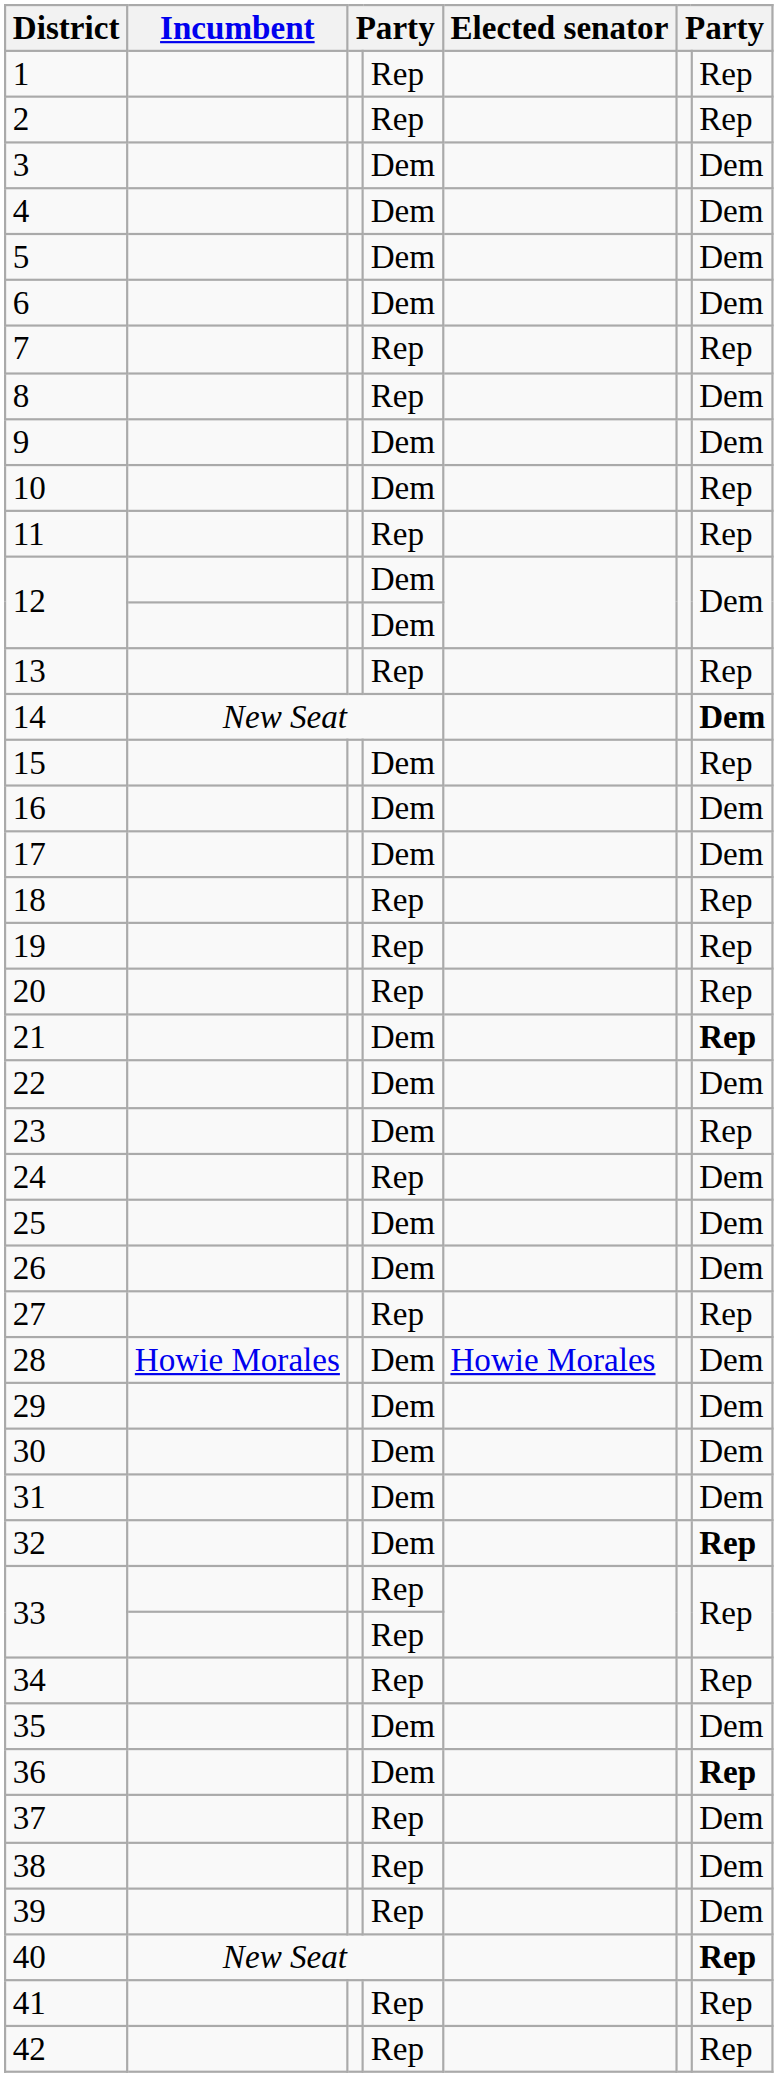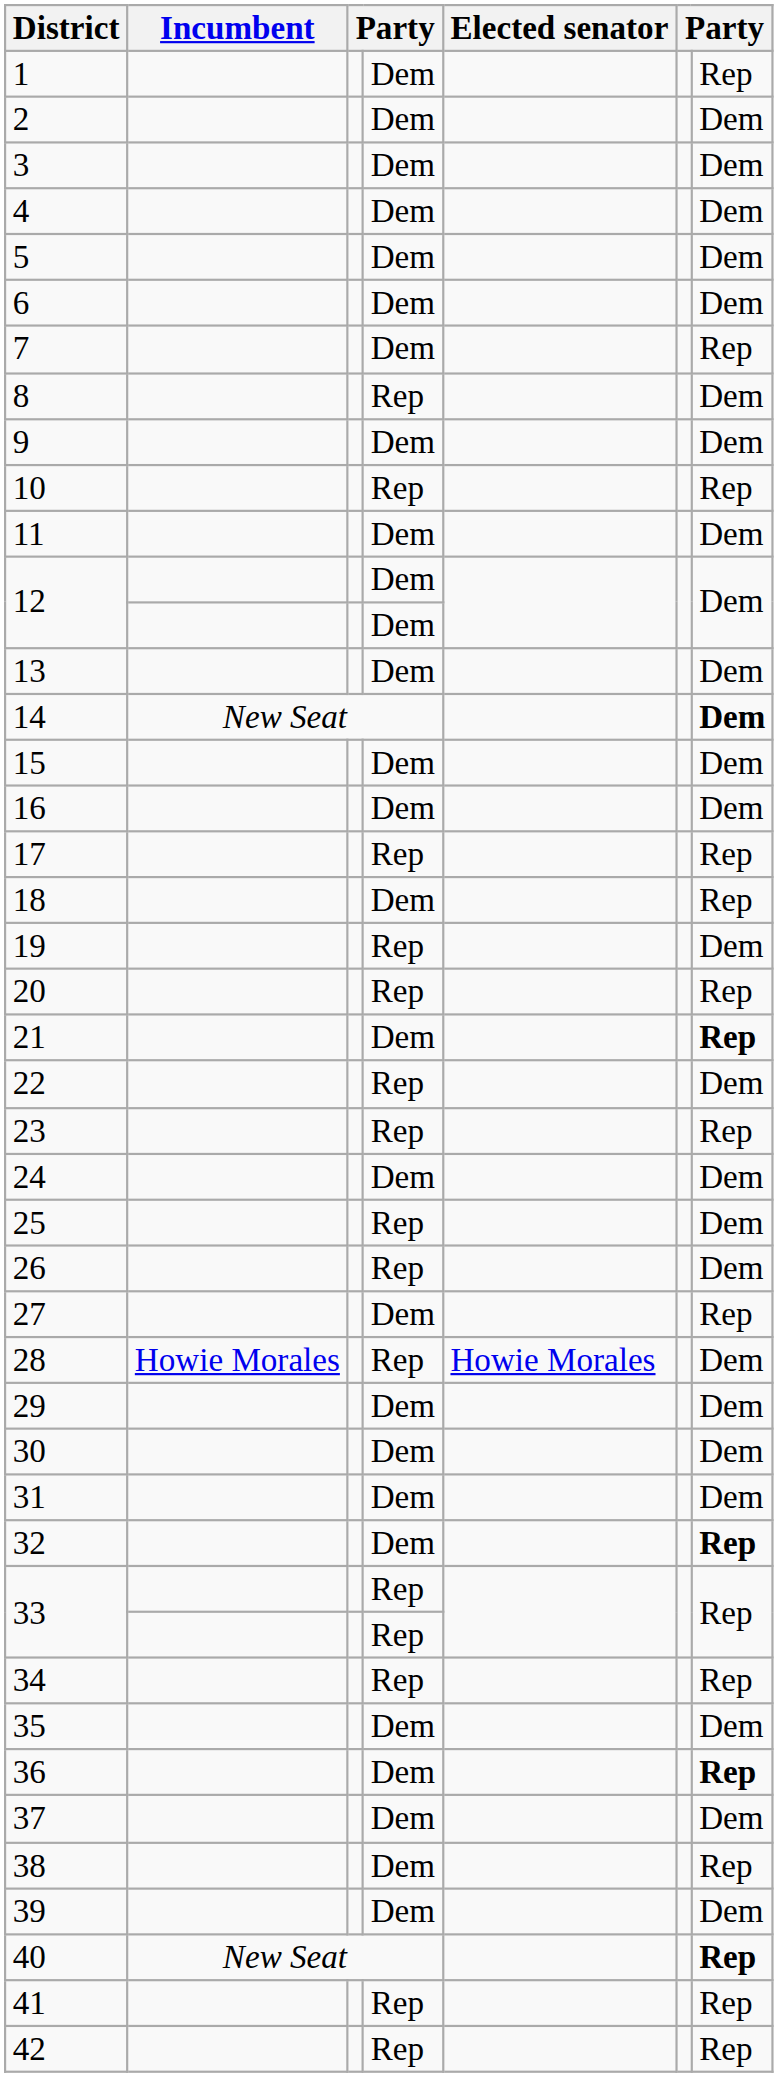 <table class="wikitable sortable" style="font-size:95%;line-height:14px;">
 <tr>
 <th>District</th>
 <th><a href='#'>Incumbent</a></th>
 <th colspan=2>Party</th>
 <th>Elected senator</th>
 <th colspan=2>Party</th>
 </tr>
 <tr>
 <td>1</td>
 <td></td>
 <td style="background:"></td>
-<td>Rep</td>
+<td>Dem</td>
 <td></td>
 <td style="background:"></td>
 <td>Rep</td>
 </tr>
 <tr>
 <td>2</td>
 <td></td>
 <td style="background:"></td>
-<td>Rep</td>
+<td>Dem</td>
 <td></td>
 <td style="background:"></td>
-<td>Rep</td>
+<td>Dem</td>
 </tr>
 <tr>
 <td>3</td>
 <td></td>
 <td style="background:"></td>
 <td>Dem</td>
 <td></td>
 <td style="background:"></td>
 <td>Dem</td>
 </tr>
 <tr>
 <td>4</td>
 <td></td>
 <td style="background:"></td>
 <td>Dem</td>
 <td></td>
 <td style="background:"></td>
 <td>Dem</td>
 </tr>
 <tr>
 <td>5</td>
 <td></td>
 <td style="background:"></td>
 <td>Dem</td>
 <td></td>
 <td style="background:"></td>
 <td>Dem</td>
 </tr>
 <tr>
 <td>6</td>
 <td></td>
 <td style="background:"></td>
 <td>Dem</td>
 <td></td>
 <td style="background:"></td>
 <td>Dem</td>
 </tr>
 <tr>
 <td>7</td>
 <td></td>
 <td style="background:"></td>
-<td>Rep</td>
+<td>Dem</td>
 <td></td>
 <td style="background:"></td>
 <td>Rep</td>
 </tr>
 <tr>
 <td>8</td>
 <td></td>
 <td style="background:"></td>
 <td>Rep</td>
 <td></td>
 <td style="background:"></td>
 <td>Dem</td>
 </tr>
 <tr>
 <td>9</td>
 <td></td>
 <td style="background:"></td>
 <td>Dem</td>
 <td></td>
 <td style="background:"></td>
 <td>Dem</td>
 </tr>
 <tr>
 <td>10</td>
 <td></td>
 <td style="background:"></td>
-<td>Dem</td>
+<td>Rep</td>
 <td></td>
 <td style="background:"></td>
 <td>Rep</td>
 </tr>
 <tr>
 <td>11</td>
 <td></td>
 <td style="background:"></td>
-<td>Rep</td>
+<td>Dem</td>
 <td></td>
 <td style="background:"></td>
-<td>Rep</td>
+<td>Dem</td>
 </tr>
 <tr>
 <td rowspan=2>12</td>
 <td></td>
 <td style="background:"></td>
 <td>Dem</td>
 <td rowspan=2></td>
 <td rowspan=2 style="background:"></td>
 <td rowspan=2>Dem</td>
 </tr>
 <tr>
 <td></td>
 <td style="background:"></td>
 <td>Dem</td>
 </tr>
 <tr>
 <td>13</td>
 <td></td>
 <td style="background:"></td>
-<td>Rep</td>
+<td>Dem</td>
 <td></td>
 <td style="background:"></td>
-<td>Rep</td>
+<td>Dem</td>
 </tr>
 <tr>
 <td>14</td>
 <td colspan=3 align=center><em>New Seat</em></td>
 <td><strong></strong></td>
 <td style="background:"></td>
 <td><strong>Dem</strong></td>
 </tr>
 <tr>
 <td>15</td>
 <td></td>
 <td style="background:"></td>
 <td>Dem</td>
 <td></td>
 <td style="background:"></td>
-<td>Rep</td>
+<td>Dem</td>
 </tr>
 <tr>
 <td>16</td>
 <td></td>
 <td style="background:"></td>
 <td>Dem</td>
 <td></td>
 <td style="background:"></td>
 <td>Dem</td>
 </tr>
 <tr>
 <td>17</td>
 <td></td>
 <td style="background:"></td>
-<td>Dem</td>
+<td>Rep</td>
 <td></td>
 <td style="background:"></td>
-<td>Dem</td>
+<td>Rep</td>
 </tr>
 <tr>
 <td>18</td>
 <td></td>
 <td style="background:"></td>
-<td>Rep</td>
+<td>Dem</td>
 <td></td>
 <td style="background:"></td>
 <td>Rep</td>
 </tr>
 <tr>
 <td>19</td>
 <td></td>
 <td style="background:"></td>
 <td>Rep</td>
 <td></td>
 <td style="background:"></td>
-<td>Rep</td>
+<td>Dem</td>
 </tr>
 <tr>
 <td>20</td>
 <td></td>
 <td style="background:"></td>
 <td>Rep</td>
 <td></td>
 <td style="background:"></td>
 <td>Rep</td>
 </tr>
 <tr>
 <td>21</td>
 <td></td>
 <td style="background:"></td>
 <td>Dem</td>
 <td><strong></strong></td>
 <td style="background:"></td>
 <td><strong>Rep</strong></td>
 </tr>
 <tr>
 <td>22</td>
 <td></td>
 <td style="background:"></td>
-<td>Dem</td>
+<td>Rep</td>
 <td></td>
 <td style="background:"></td>
 <td>Dem</td>
 </tr>
 <tr>
 <td>23</td>
 <td></td>
 <td style="background:"></td>
-<td>Dem</td>
+<td>Rep</td>
 <td></td>
 <td style="background:"></td>
 <td>Rep</td>
 </tr>
 <tr>
 <td>24</td>
 <td></td>
 <td style="background:"></td>
-<td>Rep</td>
+<td>Dem</td>
 <td></td>
 <td style="background:"></td>
 <td>Dem</td>
 </tr>
 <tr>
 <td>25</td>
 <td></td>
 <td style="background:"></td>
-<td>Dem</td>
+<td>Rep</td>
 <td></td>
 <td style="background:"></td>
 <td>Dem</td>
 </tr>
 <tr>
 <td>26</td>
 <td></td>
 <td style="background:"></td>
-<td>Dem</td>
+<td>Rep</td>
 <td></td>
 <td style="background:"></td>
 <td>Dem</td>
 </tr>
 <tr>
 <td>27</td>
 <td></td>
 <td style="background:"></td>
-<td>Rep</td>
+<td>Dem</td>
 <td></td>
 <td style="background:"></td>
 <td>Rep</td>
 </tr>
 <tr>
 <td>28</td>
 <td sortname><a href='#'>Howie Morales</a></td>
 <td style="background:"></td>
-<td>Dem</td>
+<td>Rep</td>
 <td sortname><a href='#'>Howie Morales</a></td>
 <td style="background:"></td>
 <td>Dem</td>
 </tr>
 <tr>
 <td>29</td>
 <td></td>
 <td style="background:"></td>
 <td>Dem</td>
 <td></td>
 <td style="background:"></td>
 <td>Dem</td>
 </tr>
 <tr>
 <td>30</td>
 <td></td>
 <td style="background:"></td>
 <td>Dem</td>
 <td></td>
 <td style="background:"></td>
 <td>Dem</td>
 </tr>
 <tr>
 <td>31</td>
 <td></td>
 <td style="background:"></td>
 <td>Dem</td>
 <td></td>
 <td style="background:"></td>
 <td>Dem</td>
 </tr>
 <tr>
 <td>32</td>
 <td></td>
 <td style="background:"></td>
 <td>Dem</td>
 <td><strong></strong></td>
 <td style="background:"></td>
 <td><strong>Rep</strong></td>
 </tr>
 <tr>
 <td rowspan=2>33</td>
 <td></td>
 <td style="background:"></td>
 <td>Rep</td>
 <td rowspan=2></td>
 <td rowspan=2 style="background:"></td>
 <td rowspan=2>Rep</td>
 </tr>
 <tr>
 <td></td>
 <td style="background:"></td>
 <td>Rep</td>
 </tr>
 <tr>
 <td>34</td>
 <td></td>
 <td style="background:"></td>
 <td>Rep</td>
 <td></td>
 <td style="background:"></td>
 <td>Rep</td>
 </tr>
 <tr>
 <td>35</td>
 <td></td>
 <td style="background:"></td>
 <td>Dem</td>
 <td></td>
 <td style="background:"></td>
 <td>Dem</td>
 </tr>
 <tr>
 <td>36</td>
 <td></td>
 <td style="background:"></td>
 <td>Dem</td>
 <td><strong></strong></td>
 <td style="background:"></td>
 <td><strong>Rep</strong></td>
 </tr>
 <tr>
 <td>37</td>
 <td></td>
 <td style="background:"></td>
-<td>Rep</td>
+<td>Dem</td>
 <td></td>
 <td style="background:"></td>
 <td>Dem</td>
 </tr>
 <tr>
 <td>38</td>
 <td></td>
 <td style="background:"></td>
-<td>Rep</td>
+<td>Dem</td>
 <td></td>
 <td style="background:"></td>
-<td>Dem</td>
+<td>Rep</td>
 </tr>
 <tr>
 <td>39</td>
 <td></td>
 <td style="background:"></td>
-<td>Rep</td>
+<td>Dem</td>
 <td></td>
 <td style="background:"></td>
 <td>Dem</td>
 </tr>
 <tr>
 <td>40</td>
 <td colspan=3 align=center><em>New Seat</em></td>
 <td><strong></strong></td>
 <td style="background:"></td>
 <td><strong>Rep</strong></td>
 </tr>
 <tr>
 <td>41</td>
 <td></td>
 <td style="background:"></td>
 <td>Rep</td>
 <td></td>
 <td style="background:"></td>
 <td>Rep</td>
 </tr>
 <tr>
 <td>42</td>
 <td></td>
 <td style="background:"></td>
 <td>Rep</td>
 <td></td>
 <td style="background:"></td>
 <td>Rep</td>
 </tr>
 </table>
